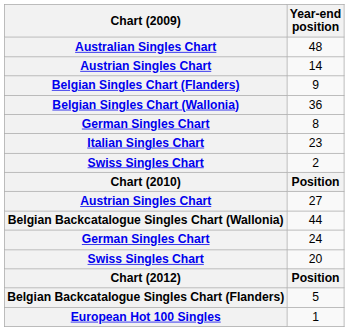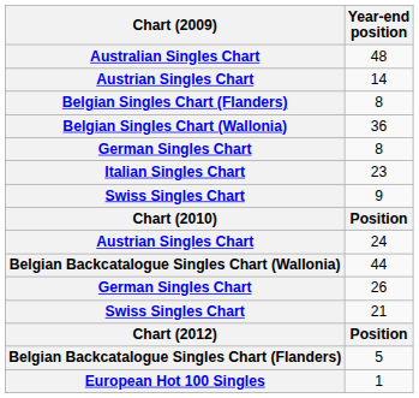 <table class="wikitable sortable plainrowheaders" style="text-align:center">
 <tr>
 <th>Chart (2009)</th>
 <th>Year-end<br>position</th>
 </tr>
 <tr>
 <th scope="row"><a href='#'>Australian Singles Chart</a></th>
 <td>48</td>
 </tr>
 <tr>
 <th scope="row"><a href='#'>Austrian Singles Chart</a></th>
 <td>14</td>
 </tr>
 <tr>
 <th scope="row"><a href='#'>Belgian Singles Chart (Flanders)</a></th>
-<td>9</td>
+<td>8</td>
 </tr>
 <tr>
 <th scope="row"><a href='#'>Belgian Singles Chart (Wallonia)</a></th>
 <td>36</td>
 </tr>
 <tr>
 <th scope="row"><a href='#'>German Singles Chart</a></th>
 <td>8</td>
 </tr>
 <tr>
 <th scope="row"><a href='#'>Italian Singles Chart</a></th>
 <td>23</td>
 </tr>
 <tr>
 <th scope="row"><a href='#'>Swiss Singles Chart</a></th>
-<td>2</td>
+<td>9</td>
 </tr>
 <tr>
 <th>Chart (2010)</th>
 <th>Position</th>
 </tr>
 <tr>
 <th scope="row"><a href='#'>Austrian Singles Chart</a></th>
-<td>27</td>
+<td>24</td>
 </tr>
 <tr>
 <th scope="row">Belgian Backcatalogue Singles Chart (Wallonia)</th>
 <td>44</td>
 </tr>
 <tr>
 <th scope="row"><a href='#'>German Singles Chart</a></th>
-<td>24</td>
+<td>26</td>
 </tr>
 <tr>
 <th scope="row"><a href='#'>Swiss Singles Chart</a></th>
-<td>20</td>
+<td>21</td>
 </tr>
 <tr>
 <th scope="col">Chart (2012)</th>
 <th scope="col">Position</th>
 </tr>
 <tr>
 <th scope="row">Belgian Backcatalogue Singles Chart (Flanders)</th>
 <td>5</td>
 </tr>
 <tr>
 <th scope="row"><a href='#'>European Hot 100 Singles</a></th>
 <td>1</td>
 </tr>
 </table>
